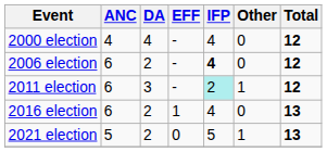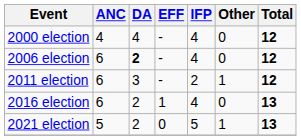 <table class="wikitable">
 <tr>
 <th>Event</th>
 <th><a href='#'>ANC</a></th>
 <th><a href='#'>DA</a></th>
 <th><a href='#'>EFF</a></th>
 <th><a href='#'>IFP</a></th>
 <th>Other</th>
 <th>Total</th>
 </tr>
 <tr>
 <td><a href='#'>2000 election</a></td>
 <td>4</td>
 <td>4</td>
 <td>-</td>
 <td>4</td>
 <td>0</td>
 <td><strong>12</strong></td>
 </tr>
 <tr>
 <td><a href='#'>2006 election</a></td>
 <td>6</td>
-<td>2</td>
+<td><strong>2</strong></td>
 <td>-</td>
-<td><strong>4</strong></td>
+<td>4</td>
 <td>0</td>
 <td><strong>12</strong></td>
 </tr>
 <tr>
 <td><a href='#'>2011 election</a></td>
 <td>6</td>
 <td>3</td>
 <td>-</td>
-<td style="background: paleturquoise;">2</td>
+<td>2</td>
 <td>1</td>
 <td><strong>12</strong></td>
 </tr>
 <tr>
 <td><a href='#'>2016 election</a></td>
 <td>6</td>
 <td>2</td>
 <td>1</td>
 <td>4</td>
 <td>0</td>
 <td><strong>13</strong></td>
 </tr>
 <tr>
 <td><a href='#'>2021 election</a></td>
 <td>5</td>
 <td>2</td>
 <td>0</td>
 <td>5</td>
 <td>1</td>
 <td><strong>13</strong></td>
 </tr>
 <tr>
 </tr>
 </table>
